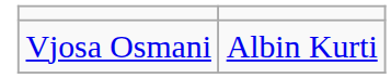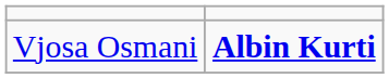 <table class="wikitable" style="text-align:left; float:right; margin-right:9px; margin-left:2px;">
 <tr>
 <td style="text-align:left;"></td>
 <td style="text-align:left;"></td>
 </tr>
 <tr>
 <td style="text-align:center;"><a href='#'>Vjosa Osmani</a><br></td>
-<td style="text-align:center;"><a href='#'>Albin Kurti</a><br></td>
+<td style="text-align:center;"><strong><a href='#'>Albin Kurti</a><br></strong></td>
 </tr>
 </table>
